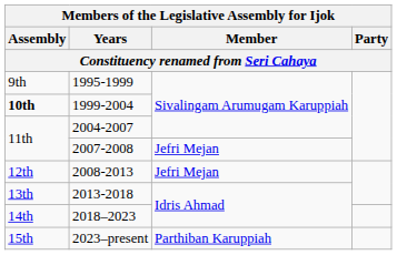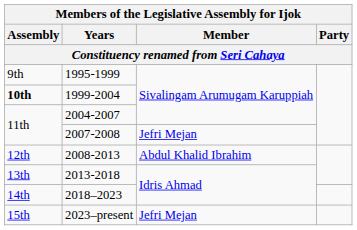 <table class=wikitable>
 <tr>
 <th colspan=4>Members of the Legislative Assembly for Ijok</th>
 </tr>
 <tr>
 <th>Assembly</th>
 <th>Years</th>
 <th>Member</th>
 <th>Party</th>
 </tr>
 <tr>
 <th colspan=4 align=center><em>Constituency renamed from <a href='#'>Seri Cahaya</a></em></th>
 </tr>
 <tr>
 <td>9th</td>
 <td>1995-1999</td>
 <td rowspan=3><a href='#'>Sivalingam Arumugam Karuppiah</a></td>
 <td rowspan=4></td>
 </tr>
 <tr>
 <td><strong>10th</strong></td>
 <td>1999-2004</td>
 </tr>
 <tr>
 <td rowspan=2>11th</td>
 <td>2004-2007</td>
 </tr>
 <tr>
 <td>2007-2008</td>
 <td><a href='#'>Jefri Mejan</a></td>
 </tr>
 <tr>
 <td><a href='#'>12th</a></td>
 <td>2008-2013</td>
-<td><a href='#'>Jefri Mejan</a></td>
+<td><a href='#'>Abdul Khalid Ibrahim</a></td>
 <td rowspan=2></td>
 </tr>
 <tr>
 <td><a href='#'>13th</a></td>
 <td>2013-2018</td>
 <td rowspan=2><a href='#'>Idris Ahmad</a></td>
 </tr>
 <tr>
 <td><a href='#'>14th</a></td>
 <td>2018–2023</td>
 <td></td>
 </tr>
 <tr>
 <td><a href='#'>15th</a></td>
 <td>2023–present</td>
-<td><a href='#'>Parthiban Karuppiah</a></td>
+<td><a href='#'>Jefri Mejan</a></td>
 <td></td>
 </tr>
 </table>
